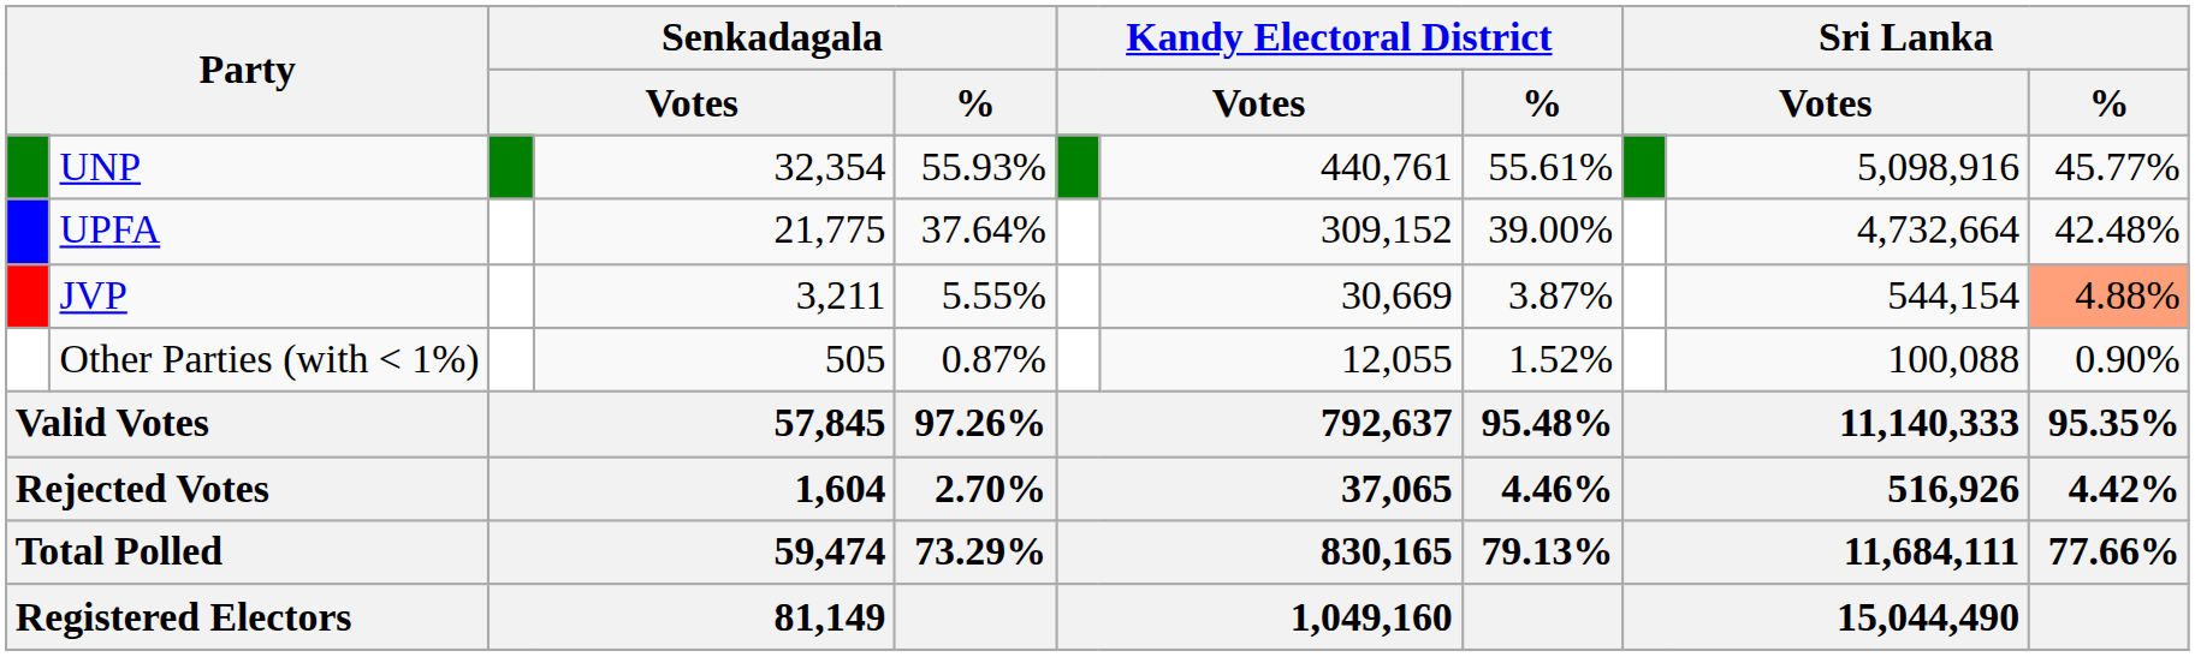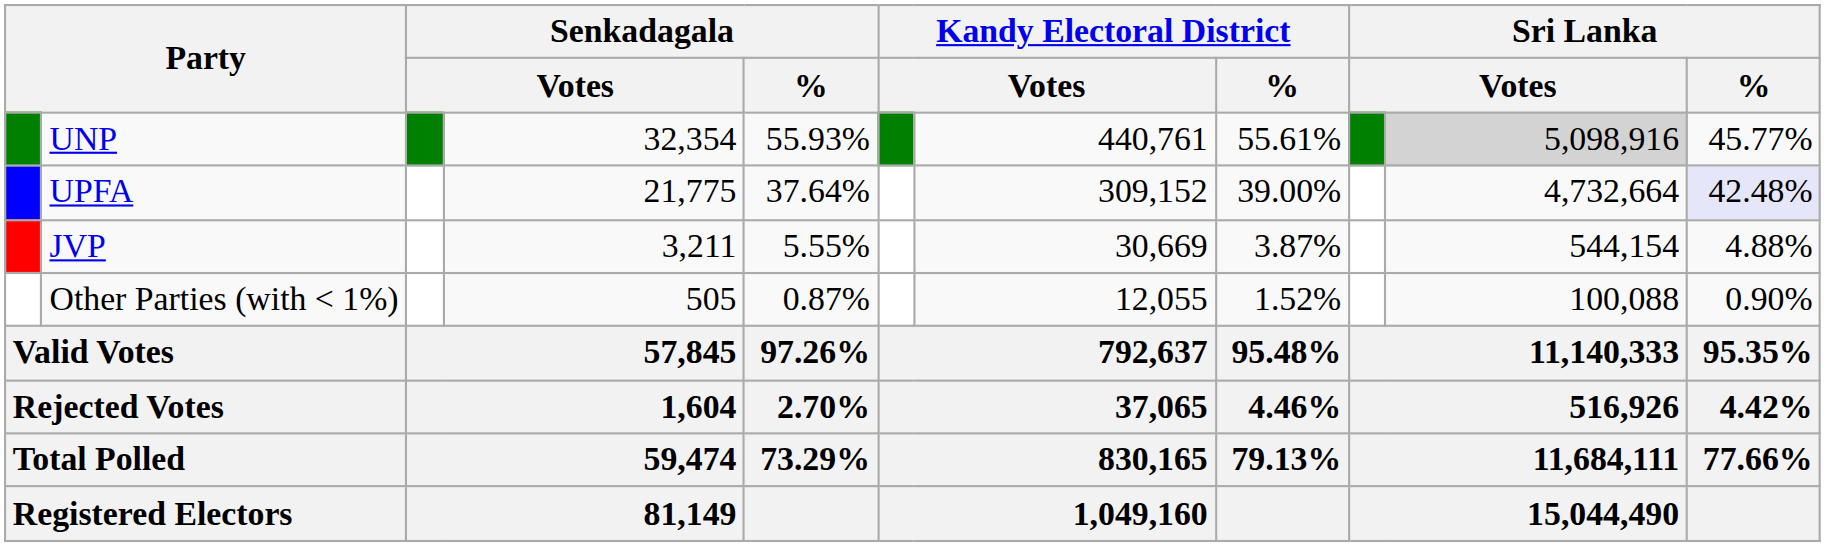 <table class="wikitable">
 <tr>
 <th colspan="2" width="144px"rowspan="2">Party</th>
 <th colspan="3" width="216px">Senkadagala</th>
 <th colspan="3" width="216px"><a href='#'>Kandy Electoral District</a></th>
 <th colspan="3" width="216px">Sri Lanka</th>
 </tr>
 <tr>
 <th colspan="2" width="144px">Votes</th>
 <th>%</th>
 <th colspan="2" width="144px">Votes</th>
 <th>%</th>
 <th colspan="2" width="144px">Votes</th>
 <th>%</th>
 </tr>
 <tr>
 <td style="background-color:green;" width="10px"></td>
 <td style="text-align:left;"><a href='#'>UNP</a></td>
 <td style="background-color:green;" width="10px"></td>
 <td style="text-align:right;">32,354</td>
 <td style="text-align:right;">55.93%</td>
 <td style="background-color:green;" width="10px"></td>
 <td style="text-align:right;">440,761</td>
 <td style="text-align:right;">55.61%</td>
 <td style="background-color:green;" width="10px"></td>
-<td style="text-align:right;">5,098,916</td>
+<td style="background: lightgrey; text-align:right;">5,098,916</td>
 <td style="text-align:right;">45.77%</td>
 </tr>
 <tr>
 <td style="background-color:blue;" width="10px"></td>
 <td style="text-align:left;"><a href='#'>UPFA</a></td>
 <td style="background-color:white;" width="10px"></td>
 <td style="text-align:right;">21,775</td>
 <td style="text-align:right;">37.64%</td>
 <td style="background-color:white;" width="10px"></td>
 <td style="text-align:right;">309,152</td>
 <td style="text-align:right;">39.00%</td>
 <td style="background-color:white;" width="10px"></td>
 <td style="text-align:right;">4,732,664</td>
-<td style="text-align:right;">42.48%</td>
+<td style="background: lavender; text-align:right;">42.48%</td>
 </tr>
 <tr>
 <td style="background-color:red;" width="10px"></td>
 <td style="text-align:left;"><a href='#'>JVP</a></td>
 <td style="background-color:white;" width="10px"></td>
 <td style="text-align:right;">3,211</td>
 <td style="text-align:right;">5.55%</td>
 <td style="background-color:white;" width="10px"></td>
 <td style="text-align:right;">30,669</td>
 <td style="text-align:right;">3.87%</td>
 <td style="background-color:white;" width="10px"></td>
 <td style="text-align:right;">544,154</td>
-<td style="background: lightsalmon; text-align:right;">4.88%</td>
+<td style="text-align:right;">4.88%</td>
 </tr>
 <tr>
 <td style="background-color:white;" width="10px"></td>
 <td style="text-align:left;">Other Parties (with < 1%)</td>
 <td style="background-color:white;" width="10px"></td>
 <td style="text-align:right;">505</td>
 <td style="text-align:right;">0.87%</td>
 <td style="background-color:white;" width="10px"></td>
 <td style="text-align:right;">12,055</td>
 <td style="text-align:right;">1.52%</td>
 <td style="background-color:white;" width="10px"></td>
 <td style="text-align:right;">100,088</td>
 <td style="text-align:right;">0.90%</td>
 </tr>
 <tr>
 <th colspan="2" width="144px"style="text-align:left;">Valid Votes</th>
 <th style="text-align:right;"colspan="2" width="144px">57,845</th>
 <th style="text-align:right;">97.26%</th>
 <th style="text-align:right;"colspan="2" width="144px">792,637</th>
 <th style="text-align:right;">95.48%</th>
 <th style="text-align:right;"colspan="2" width="144px">11,140,333</th>
 <th style="text-align:right;">95.35%</th>
 </tr>
 <tr>
 <th colspan="2" width="144px"style="text-align:left;">Rejected Votes</th>
 <th style="text-align:right;"colspan="2" width="144px">1,604</th>
 <th style="text-align:right;">2.70%</th>
 <th style="text-align:right;"colspan="2" width="144px">37,065</th>
 <th style="text-align:right;">4.46%</th>
 <th style="text-align:right;"colspan="2" width="144px">516,926</th>
 <th style="text-align:right;">4.42%</th>
 </tr>
 <tr>
 <th colspan="2" width="144px"style="text-align:left;">Total Polled</th>
 <th style="text-align:right;"colspan="2" width="144px">59,474</th>
 <th style="text-align:right;">73.29%</th>
 <th style="text-align:right;"colspan="2" width="144px">830,165</th>
 <th style="text-align:right;">79.13%</th>
 <th style="text-align:right;"colspan="2" width="144px">11,684,111</th>
 <th style="text-align:right;">77.66%</th>
 </tr>
 <tr>
 <th colspan="2" width="144px"style="text-align:left;">Registered Electors</th>
 <th style="text-align:right;"colspan="2" width="144px">81,149</th>
 <th></th>
 <th style="text-align:right;"colspan="2" width="144px">1,049,160</th>
 <th></th>
 <th style="text-align:right;"colspan="2" width="144px">15,044,490</th>
 <th></th>
 </tr>
 </table>
